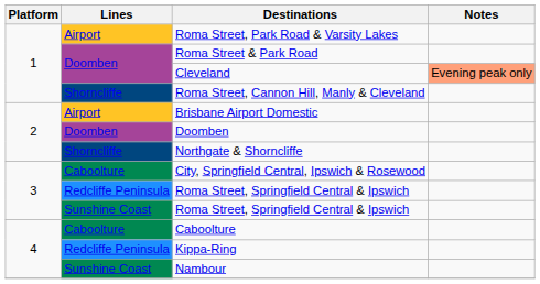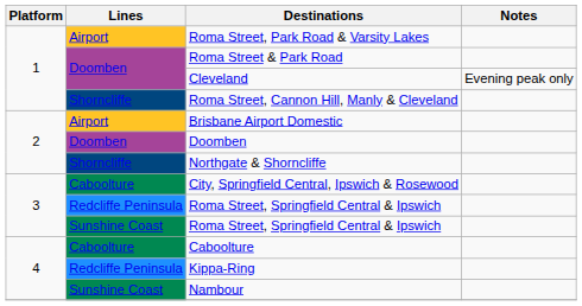 <table class="wikitable" style="float: none; margin: 0.5em; ">
 <tr>
 <th>Platform</th>
 <th>Lines</th>
 <th>Destinations</th>
 <th>Notes</th>
 </tr>
 <tr>
 <td rowspan="4" style="text-align:center;">1</td>
 <td style=background:#FFC425><a href='#'><span>Airport</span></a></td>
 <td><a href='#'>Roma Street</a>, <a href='#'>Park Road</a> & <a href='#'>Varsity Lakes</a></td>
 <td></td>
 </tr>
 <tr>
 <td rowspan="2" style=background:#A54499><a href='#'><span>Doomben</span></a></td>
 <td><a href='#'>Roma Street</a> & <a href='#'>Park Road</a></td>
 <td></td>
 </tr>
 <tr>
 <td><a href='#'>Cleveland</a></td>
-<td style="background: lightsalmon;">Evening peak only</td>
+<td>Evening peak only</td>
 </tr>
 <tr>
 <td style=background:#00467f><a href='#'><span>Shorncliffe</span></a></td>
 <td><a href='#'>Roma Street</a>, <a href='#'>Cannon Hill</a>, <a href='#'>Manly</a> & <a href='#'>Cleveland</a></td>
 <td></td>
 </tr>
 <tr>
 <td rowspan="3" style="text-align:center;">2</td>
 <td style=background:#FFC425><a href='#'><span>Airport</span></a></td>
 <td><a href='#'>Brisbane Airport Domestic</a></td>
 <td></td>
 </tr>
 <tr>
 <td style=background:#A54499><a href='#'><span>Doomben</span></a></td>
 <td><a href='#'>Doomben</a></td>
 <td></td>
 </tr>
 <tr>
 <td style=background:#00467f><a href='#'><span>Shorncliffe</span></a></td>
 <td><a href='#'>Northgate</a> & <a href='#'>Shorncliffe</a></td>
 <td></td>
 </tr>
 <tr>
 <td rowspan="3" style="text-align:center;">3</td>
 <td style="background:#008851"><a href='#'><span>Caboolture</span></a></td>
 <td><a href='#'>City</a>, <a href='#'>Springfield Central</a>, <a href='#'>Ipswich</a> & <a href='#'>Rosewood</a></td>
 <td></td>
 </tr>
 <tr>
 <td style=background:#1e90ff><a href='#'><span>Redcliffe Peninsula</span></a></td>
 <td><a href='#'>Roma Street</a>, <a href='#'>Springfield Central</a> & <a href='#'>Ipswich</a></td>
 <td></td>
 </tr>
 <tr>
 <td style=background:#008851><a href='#'><span>Sunshine Coast</span></a></td>
 <td><a href='#'>Roma Street</a>, <a href='#'>Springfield Central</a> & <a href='#'>Ipswich</a></td>
 <td></td>
 </tr>
 <tr>
 <td rowspan="3" style="text-align:center;">4</td>
 <td style=background:#008851><a href='#'><span>Caboolture</span></a></td>
 <td><a href='#'>Caboolture</a></td>
 <td></td>
 </tr>
 <tr>
 <td style=background:#1e90ff><a href='#'><span>Redcliffe Peninsula</span></a></td>
 <td><a href='#'>Kippa-Ring</a></td>
 <td></td>
 </tr>
 <tr>
 <td style=background:#008851><a href='#'><span>Sunshine Coast</span></a></td>
 <td><a href='#'>Nambour</a></td>
 <td></td>
 </tr>
 <tr>
 </tr>
 </table>
